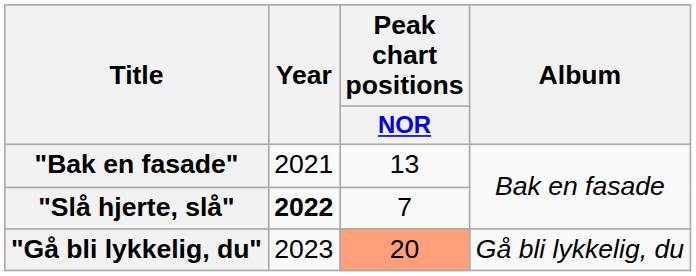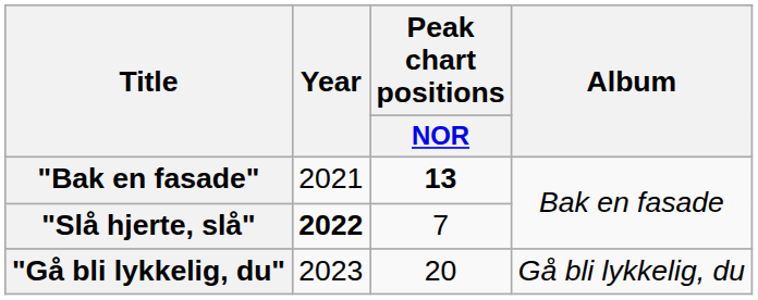 <table class="wikitable plainrowheaders" style="text-align:center">
 <tr>
 <th scope="col" rowspan="2">Title</th>
 <th scope="col" rowspan="2">Year</th>
 <th scope="col" colspan="1">Peak chart positions</th>
 <th scope="col" rowspan="2">Album</th>
 </tr>
 <tr>
 <th scope="col" style="width:3em;font-size:90%;"><a href='#'>NOR</a></th>
 </tr>
 <tr>
 <th scope="row">"Bak en fasade"</th>
 <td>2021</td>
-<td>13<br></td>
+<td><strong>13<br></strong></td>
 <td rowspan="2"><em>Bak en fasade</em></td>
 </tr>
 <tr>
 <th scope="row">"Slå hjerte, slå"</th>
 <td><strong>2022</strong></td>
 <td>7<br></td>
 </tr>
 <tr>
 <th scope="row">"Gå bli lykkelig, du"</th>
 <td>2023</td>
-<td style="background: lightsalmon;">20<br></td>
+<td>20<br></td>
 <td><em>Gå bli lykkelig, du</em></td>
 </tr>
 </table>
